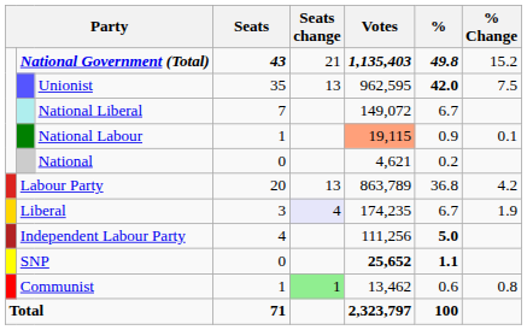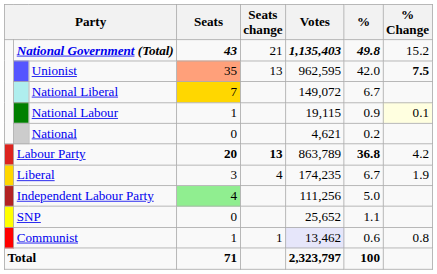 <table class="wikitable">
 <tr>
 <th style="width:200px" colspan=3>Party</th>
 <th style="width:70px;">Seats</th>
 <th style="width:40px;">Seats change</th>
 <th style="width:40px;">Votes</th>
 <th style="width:40px;">%</th>
 <th style="width:40px;">% Change</th>
 </tr>
 <tr>
 <td rowspan=5> </td>
 <td colspan=2><strong><em><a href='#'>National Government</a> (Total)</em></strong></td>
 <td align=right><strong><em>43</em></strong></td>
 <td align=right> 21</td>
 <td align=right><strong><em>1,135,403</em></strong></td>
 <td align=right><strong><em>49.8</em></strong></td>
 <td align=right> 15.2</td>
 </tr>
 <tr>
 <td style="background-color:#5555FF"> </td>
 <td><a href='#'>Unionist</a></td>
-<td align=right>35</td>
+<td align=right style="background: lightsalmon;">35</td>
 <td align=right> 13</td>
 <td align=right>962,595</td>
-<td align=right><strong>42.0</strong></td>
-<td align=right> 7.5</td>
+<td align=right>42.0</td>
+<td align=right><strong> 7.5</strong></td>
 </tr>
 <tr>
 <td style="background-color:#AFEEEE"> </td>
 <td><a href='#'>National Liberal</a></td>
-<td align=right>7</td>
+<td align=right style="background: gold;">7</td>
 <td align=right></td>
 <td align=right>149,072</td>
 <td align=right>6.7</td>
 <td align=right></td>
 </tr>
 <tr>
 <td style="background-color:#008000"> </td>
 <td><a href='#'>National Labour</a></td>
 <td align=right>1</td>
 <td align=right></td>
-<td align=right style="background: lightsalmon;">19,115</td>
+<td align=right>19,115</td>
 <td align=right>0.9</td>
-<td align=right> 0.1</td>
+<td align=right style="background: lightyellow;"> 0.1</td>
 </tr>
 <tr>
 <td style="background-color:#CCCCCC"> </td>
 <td><a href='#'>National</a></td>
 <td align=right>0</td>
 <td align=right></td>
 <td align=right>4,621</td>
 <td align=right>0.2</td>
 <td align=right></td>
 </tr>
 <tr>
 <td style="background-color:#DC241f"> </td>
 <td colspan=2><a href='#'>Labour Party</a></td>
-<td align=right>20</td>
-<td align=right> 13</td>
+<td align=right><strong>20</strong></td>
+<td align=right><strong> 13</strong></td>
 <td align=right>863,789</td>
-<td align=right>36.8</td>
+<td align=right><strong>36.8</strong></td>
 <td align=right> 4.2</td>
 </tr>
 <tr>
 <td style="background-color:#FFD700"> </td>
 <td colspan=2><a href='#'>Liberal</a></td>
 <td align=right>3</td>
-<td align=right style="background: lavender;"> 4</td>
+<td align=right> 4</td>
 <td align=right>174,235</td>
 <td align=right>6.7</td>
 <td align=right> 1.9</td>
 </tr>
 <tr>
 <td style="background-color:#B22222"> </td>
 <td colspan=2><a href='#'>Independent Labour Party</a></td>
-<td align=right>4</td>
+<td align=right style="background: lightgreen;">4</td>
 <td align=right></td>
 <td align=right>111,256</td>
-<td align=right><strong>5.0</strong></td>
+<td align=right>5.0</td>
 <td align=right></td>
 </tr>
 <tr>
 <td style="background-color:#FFFF00"> </td>
 <td colspan=2><a href='#'>SNP</a></td>
 <td align=right>0</td>
 <td align=right></td>
-<td align=right><strong>25,652</strong></td>
-<td align=right><strong>1.1</strong></td>
+<td align=right>25,652</td>
+<td align=right>1.1</td>
 <td align=right></td>
 </tr>
 <tr>
 <td style="background-color:#FF0000"> </td>
 <td colspan=2><a href='#'>Communist</a></td>
 <td align=right>1</td>
-<td align=right style="background: lightgreen;"> 1</td>
-<td align=right>13,462</td>
+<td align=right> 1</td>
+<td align=right style="background: lavender;">13,462</td>
 <td align=right>0.6</td>
 <td align=right> 0.8</td>
 </tr>
 <tr>
 <td colspan=3><strong>Total</strong></td>
 <td align=right><strong>71</strong></td>
 <td align=right></td>
 <td align=right><strong>2,323,797</strong></td>
 <td align=right><strong>100</strong></td>
 <td align=right></td>
 </tr>
 </table>
